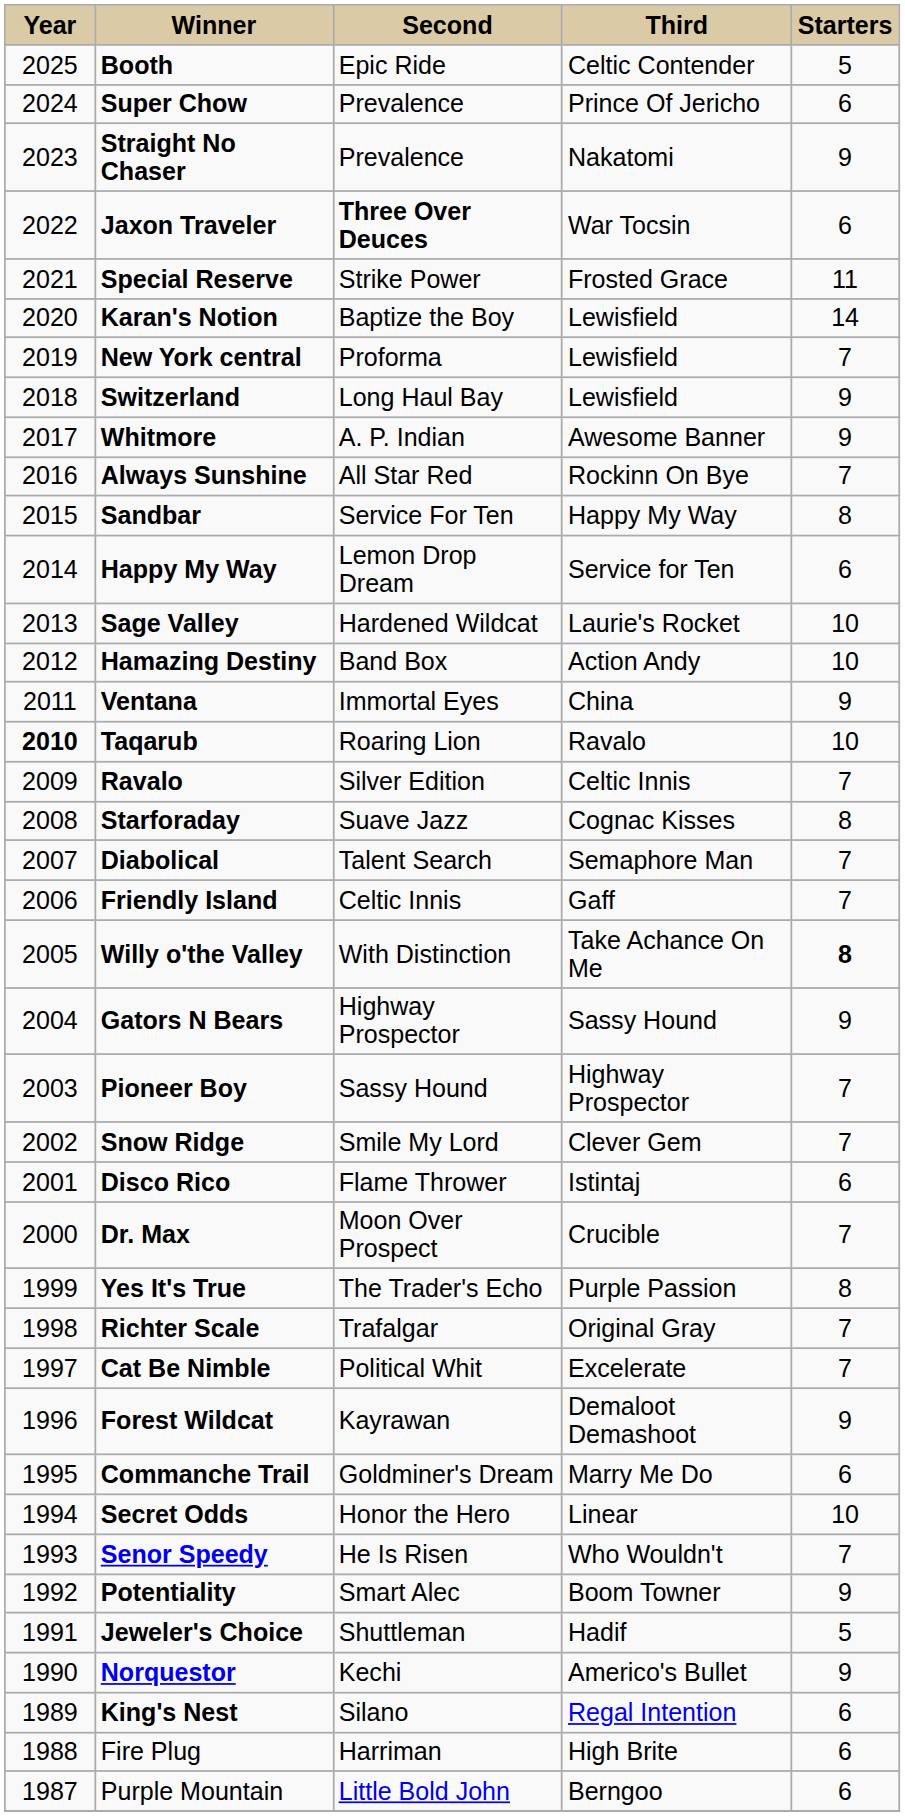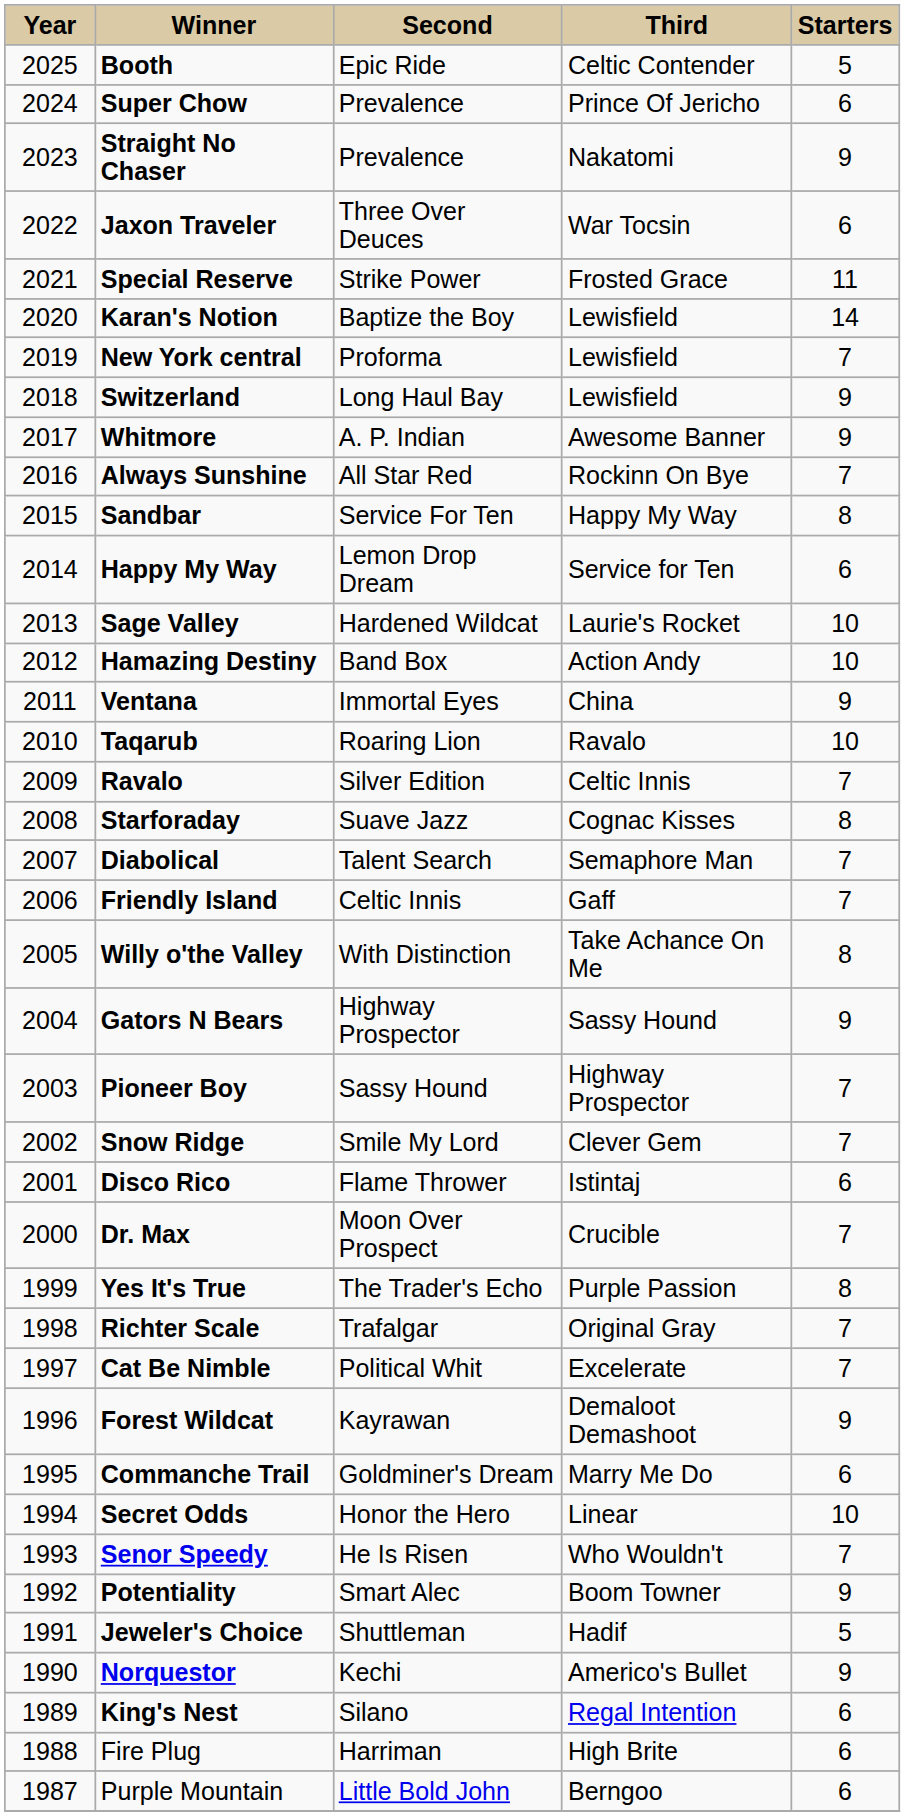 <table class = "wikitable sortable" | border="1" cellpadding="0" style="border-collapse: collapse; font-size:90%">
 <tr bgcolor="#DACAA5" align="center">
 <td width="45px"><strong>Year</strong> <br></td>
 <td width="130px"><strong>Winner</strong> <br></td>
 <td width="125px"><strong>Second</strong> <br></td>
 <td width="125px"><strong>Third</strong> <br></td>
 <td width="55px"><strong>Starters</strong></td>
 </tr>
 <tr>
 <td align="center">2025</td>
 <td><strong>Booth</strong></td>
 <td>Epic Ride</td>
 <td>Celtic Contender</td>
 <td align="center">5</td>
 </tr>
 <tr>
 <td align="center">2024</td>
 <td><strong>Super Chow</strong></td>
 <td>Prevalence</td>
 <td>Prince Of Jericho</td>
 <td align="center">6</td>
 </tr>
 <tr>
 <td align="center">2023</td>
 <td><strong>Straight No Chaser</strong></td>
 <td>Prevalence</td>
 <td>Nakatomi</td>
 <td align="center">9</td>
 </tr>
 <tr>
 <td align=center>2022</td>
 <td><strong>Jaxon Traveler</strong></td>
-<td><strong>Three Over Deuces</strong></td>
+<td>Three Over Deuces</td>
 <td>War Tocsin</td>
 <td align=center>6</td>
 </tr>
 <tr>
 <td align=center>2021</td>
 <td><strong>Special Reserve</strong></td>
 <td>Strike Power</td>
 <td>Frosted Grace</td>
 <td align=center>11</td>
 </tr>
 <tr>
 <td align=center>2020</td>
 <td><strong>Karan's Notion</strong></td>
 <td>Baptize the Boy</td>
 <td>Lewisfield</td>
 <td align=center>14</td>
 </tr>
 <tr>
 <td align=center>2019</td>
 <td><strong>New York central</strong></td>
 <td>Proforma</td>
 <td>Lewisfield</td>
 <td align=center>7</td>
 </tr>
 <tr>
 <td align=center>2018</td>
 <td><strong>Switzerland</strong></td>
 <td>Long Haul Bay</td>
 <td>Lewisfield</td>
 <td align=center>9</td>
 </tr>
 <tr>
 <td align=center>2017</td>
 <td><strong>Whitmore</strong></td>
 <td>A. P. Indian</td>
 <td>Awesome Banner</td>
 <td align=center>9</td>
 </tr>
 <tr>
 <td align=center>2016</td>
 <td><strong>Always Sunshine</strong></td>
 <td>All Star Red</td>
 <td>Rockinn On Bye</td>
 <td align=center>7</td>
 </tr>
 <tr>
 <td align=center>2015</td>
 <td><strong>Sandbar</strong></td>
 <td>Service For Ten</td>
 <td>Happy My Way</td>
 <td align=center>8</td>
 </tr>
 <tr>
 <td align=center>2014</td>
 <td><strong>Happy My Way</strong></td>
 <td>Lemon Drop Dream</td>
 <td>Service for Ten</td>
 <td align=center>6</td>
 </tr>
 <tr>
 <td align=center>2013</td>
 <td><strong>Sage Valley</strong></td>
 <td>Hardened Wildcat</td>
 <td>Laurie's Rocket</td>
 <td align=center>10</td>
 </tr>
 <tr>
 <td align=center>2012</td>
 <td><strong>Hamazing Destiny</strong></td>
 <td>Band Box</td>
 <td>Action Andy</td>
 <td align=center>10</td>
 </tr>
 <tr>
 <td align=center>2011</td>
 <td><strong>Ventana</strong></td>
 <td>Immortal Eyes</td>
 <td>China</td>
 <td align=center>9</td>
 </tr>
 <tr>
-<td align=center><strong>2010</strong></td>
+<td align=center>2010</td>
 <td><strong>Taqarub</strong></td>
 <td>Roaring Lion</td>
 <td>Ravalo</td>
 <td align=center>10</td>
 </tr>
 <tr>
 <td align=center>2009</td>
 <td><strong>Ravalo</strong></td>
 <td>Silver Edition</td>
 <td>Celtic Innis</td>
 <td align=center>7</td>
 </tr>
 <tr>
 <td align=center>2008</td>
 <td><strong>Starforaday</strong></td>
 <td>Suave Jazz</td>
 <td>Cognac Kisses</td>
 <td align=center>8</td>
 </tr>
 <tr>
 <td align=center>2007</td>
 <td><strong>Diabolical</strong></td>
 <td>Talent Search</td>
 <td>Semaphore Man</td>
 <td align=center>7</td>
 </tr>
 <tr>
 <td align=center>2006</td>
 <td><strong>Friendly Island</strong></td>
 <td>Celtic Innis</td>
 <td>Gaff</td>
 <td align=center>7</td>
 </tr>
 <tr>
 <td align=center>2005</td>
 <td><strong>Willy o'the Valley</strong></td>
 <td>With Distinction</td>
 <td>Take Achance On Me</td>
-<td align=center><strong>8</strong></td>
+<td align=center>8</td>
 </tr>
 <tr>
 <td align=center>2004</td>
 <td><strong>Gators N Bears</strong></td>
 <td>Highway Prospector</td>
 <td>Sassy Hound</td>
 <td align=center>9</td>
 </tr>
 <tr>
 <td align=center>2003</td>
 <td><strong>Pioneer Boy</strong></td>
 <td>Sassy Hound</td>
 <td>Highway Prospector</td>
 <td align=center>7</td>
 </tr>
 <tr>
 <td align=center>2002</td>
 <td><strong>Snow Ridge</strong></td>
 <td>Smile My Lord</td>
 <td>Clever Gem</td>
 <td align=center>7</td>
 </tr>
 <tr>
 <td align=center>2001</td>
 <td><strong>Disco Rico</strong></td>
 <td>Flame Thrower</td>
 <td>Istintaj</td>
 <td align=center>6</td>
 </tr>
 <tr>
 <td align=center>2000</td>
 <td><strong>Dr. Max</strong></td>
 <td>Moon Over Prospect</td>
 <td>Crucible</td>
 <td align=center>7</td>
 </tr>
 <tr>
 <td align=center>1999</td>
 <td><strong>Yes It's True</strong></td>
 <td>The Trader's Echo</td>
 <td>Purple Passion</td>
 <td align=center>8</td>
 </tr>
 <tr>
 <td align=center>1998</td>
 <td><strong>Richter Scale</strong></td>
 <td>Trafalgar</td>
 <td>Original Gray</td>
 <td align=center>7</td>
 </tr>
 <tr>
 <td align=center>1997</td>
 <td><strong>Cat Be Nimble</strong></td>
 <td>Political Whit</td>
 <td>Excelerate</td>
 <td align=center>7</td>
 </tr>
 <tr>
 <td align=center>1996</td>
 <td><strong>Forest Wildcat</strong></td>
 <td>Kayrawan</td>
 <td>Demaloot Demashoot</td>
 <td align=center>9</td>
 </tr>
 <tr>
 <td align=center>1995</td>
 <td><strong>Commanche Trail</strong></td>
 <td>Goldminer's Dream</td>
 <td>Marry Me Do</td>
 <td align=center>6</td>
 </tr>
 <tr>
 <td align=center>1994</td>
 <td><strong>Secret Odds</strong></td>
 <td>Honor the Hero</td>
 <td>Linear</td>
 <td align=center>10</td>
 </tr>
 <tr>
 <td align=center>1993</td>
 <td><strong><a href='#'>Senor Speedy</a></strong></td>
 <td>He Is Risen</td>
 <td>Who Wouldn't</td>
 <td align=center>7</td>
 </tr>
 <tr>
 <td align=center>1992</td>
 <td><strong>Potentiality</strong></td>
 <td>Smart Alec</td>
 <td>Boom Towner</td>
 <td align=center>9</td>
 </tr>
 <tr>
 <td align=center>1991</td>
 <td><strong>Jeweler's Choice</strong></td>
 <td>Shuttleman</td>
 <td>Hadif</td>
 <td align=center>5</td>
 </tr>
 <tr>
 <td align=center>1990</td>
 <td><strong><a href='#'>Norquestor</a></strong></td>
 <td>Kechi</td>
 <td>Americo's Bullet</td>
 <td align=center>9</td>
 </tr>
 <tr>
 <td align=center>1989</td>
 <td><strong>King's Nest</strong></td>
 <td>Silano</td>
 <td><a href='#'>Regal Intention</a></td>
 <td align=center>6</td>
 </tr>
 <tr>
 <td align=center>1988</td>
 <td>Fire Plug</td>
 <td>Harriman</td>
 <td>High Brite</td>
 <td align=center>6</td>
 </tr>
 <tr>
 <td align=center>1987</td>
 <td>Purple Mountain</td>
 <td><a href='#'>Little Bold John</a></td>
 <td>Berngoo</td>
 <td align=center>6</td>
 </tr>
 <tr>
 </tr>
 </table>
